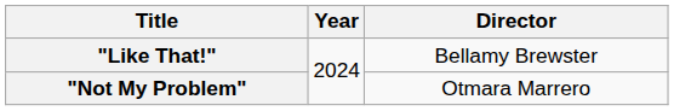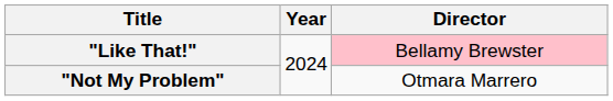 <table class="wikitable plainrowheaders" style="text-align:center;">
 <tr>
 <th scope="col" style="width:14em;">Title</th>
 <th scope="col">Year</th>
 <th scope="col" style="width:14em;">Director</th>
 </tr>
 <tr>
 <th scope="row">"Like That!"</th>
 <td rowspan="2">2024</td>
-<td>Bellamy Brewster</td>
+<td style="background: pink;">Bellamy Brewster</td>
 </tr>
 <tr>
 <th scope="row">"Not My Problem"</th>
 <td>Otmara Marrero</td>
 </tr>
 </table>
